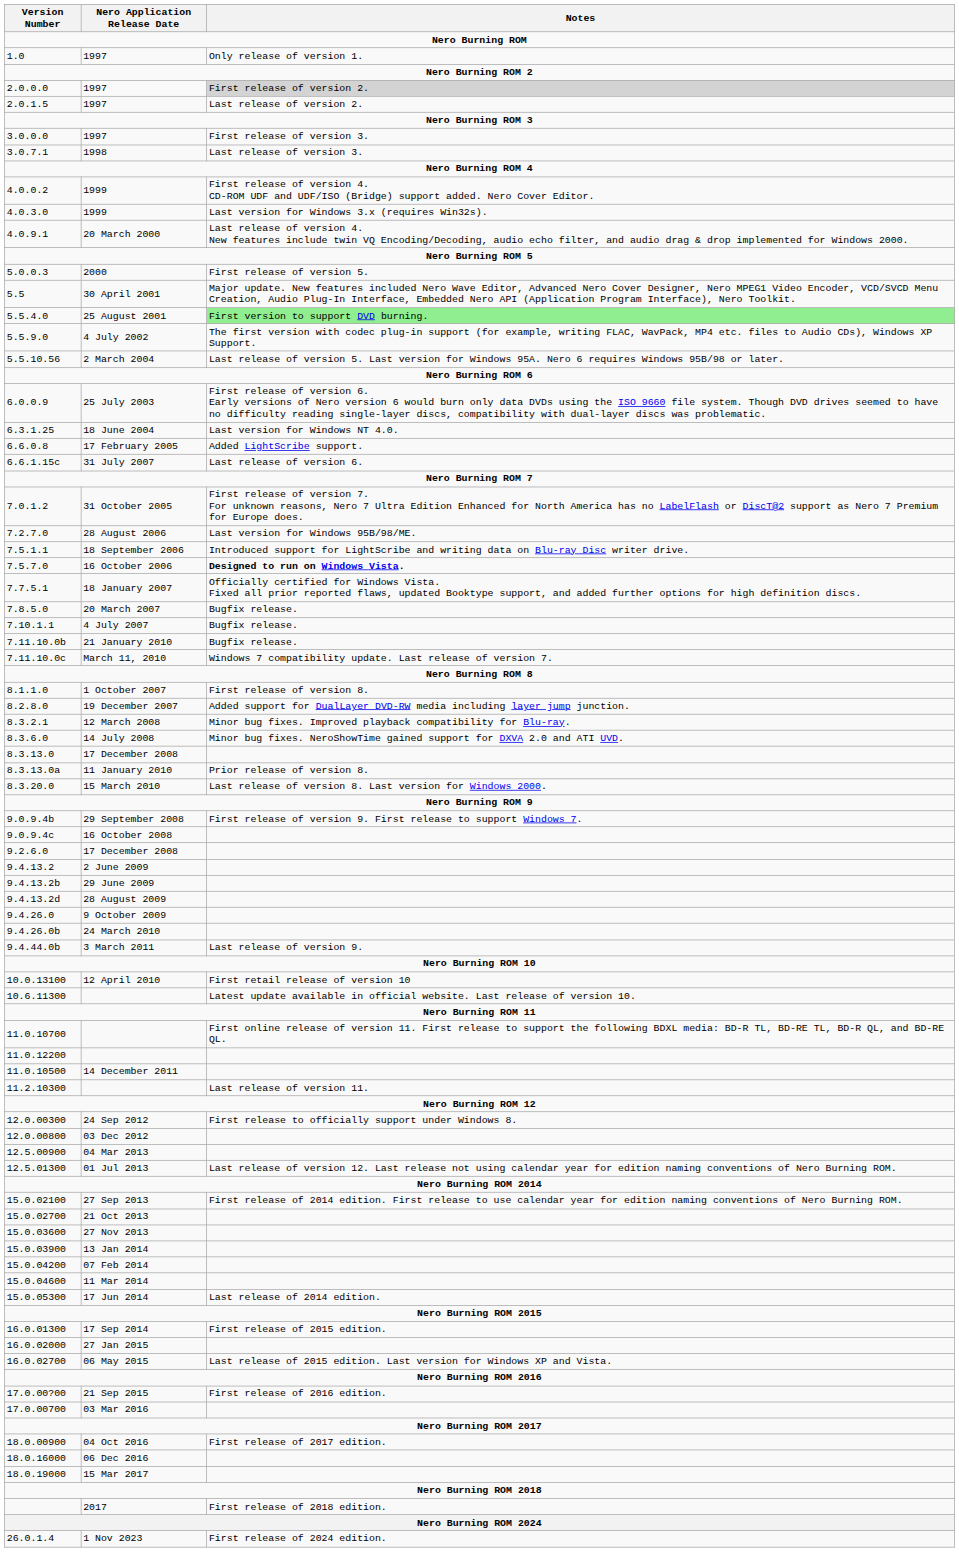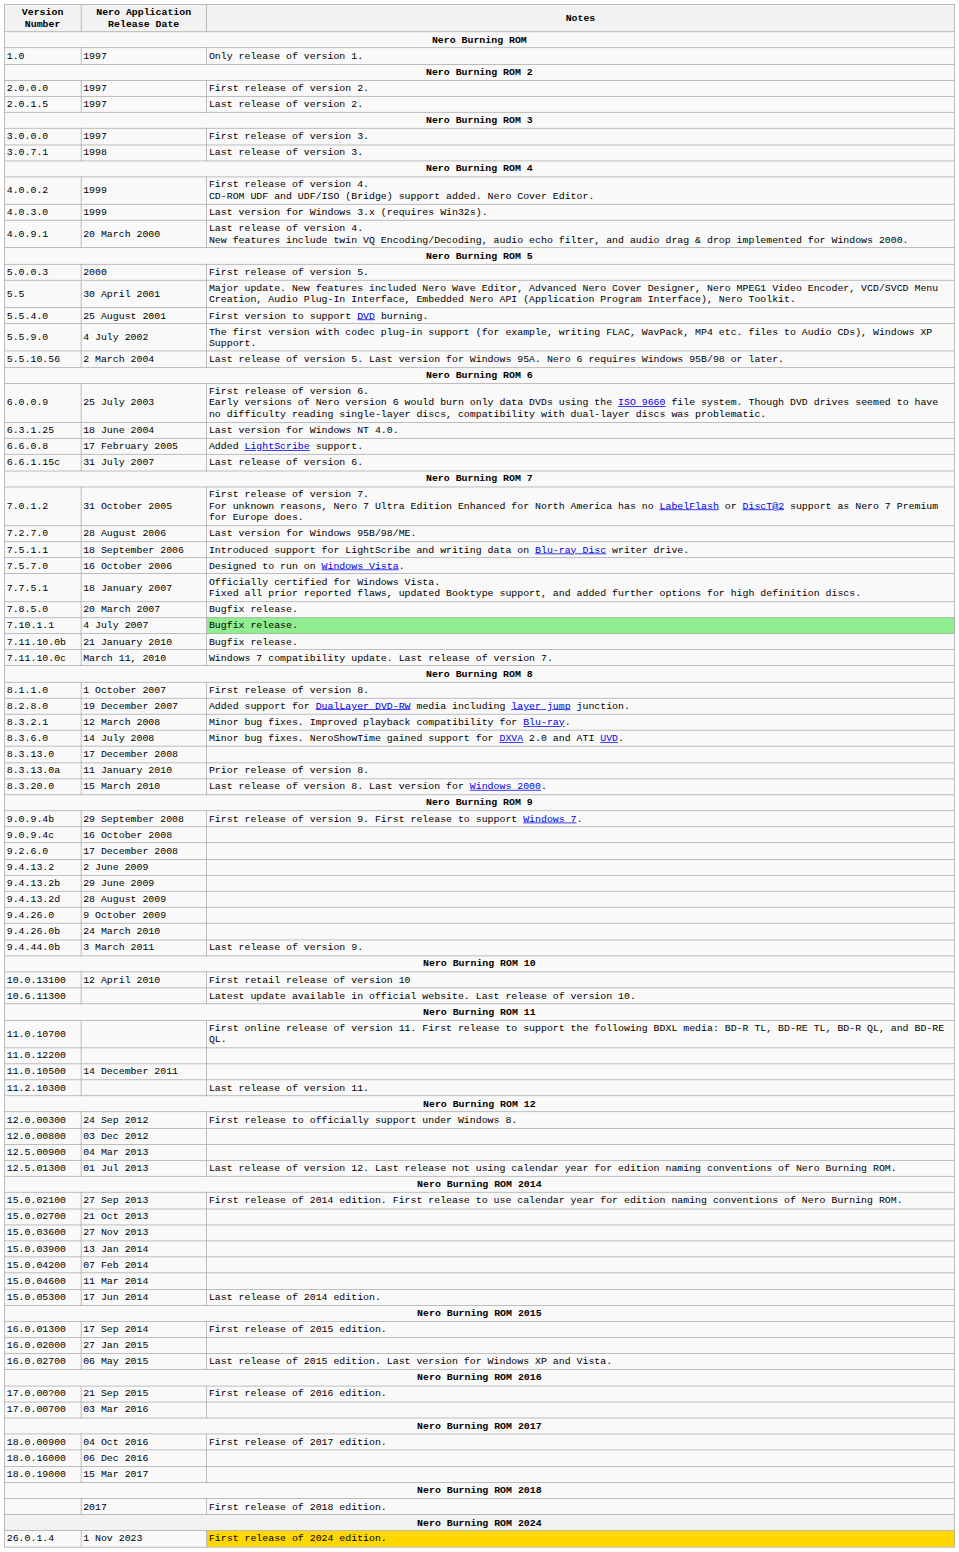 <table class="wikitable">
 <tr>
 <th>Version Number</th>
 <th>Nero Application Release Date</th>
 <th>Notes</th>
 </tr>
 <tr>
 <td colspan = 3 align="center"><strong>Nero Burning ROM</strong></td>
 </tr>
 <tr>
 <td>1.0</td>
 <td>1997</td>
 <td>Only release of version 1.</td>
 </tr>
 <tr>
 <td colspan = 3 align="center"><strong>Nero Burning ROM 2</strong></td>
 </tr>
 <tr>
 <td>2.0.0.0</td>
 <td>1997</td>
-<td style="background: lightgrey;">First release of version 2.</td>
+<td>First release of version 2.</td>
 </tr>
 <tr>
 <td>2.0.1.5</td>
 <td>1997</td>
 <td>Last release of version 2.</td>
 </tr>
 <tr>
 <td colspan = 3 align="center"><strong>Nero Burning ROM 3</strong></td>
 </tr>
 <tr>
 <td>3.0.0.0</td>
 <td>1997</td>
 <td>First release of version 3.</td>
 </tr>
 <tr>
 <td>3.0.7.1</td>
 <td>1998</td>
 <td>Last release of version 3.</td>
 </tr>
 <tr>
 <td colspan = 3 align="center"><strong>Nero Burning ROM 4</strong></td>
 </tr>
 <tr>
 <td>4.0.0.2</td>
 <td>1999</td>
 <td>First release of version 4.<br>CD-ROM UDF and UDF/ISO (Bridge) support added. Nero Cover Editor.</td>
 </tr>
 <tr>
 <td>4.0.3.0</td>
 <td>1999</td>
 <td>Last version for Windows 3.x (requires Win32s).</td>
 </tr>
 <tr>
 <td>4.0.9.1</td>
 <td>20 March 2000</td>
 <td>Last release of version 4.<br>New features include twin VQ Encoding/Decoding, audio echo filter, and audio drag & drop implemented for Windows 2000.</td>
 </tr>
 <tr>
 <td colspan = 3 align="center"><strong>Nero Burning ROM 5</strong></td>
 </tr>
 <tr>
 <td>5.0.0.3</td>
 <td>2000</td>
 <td>First release of version 5.</td>
 </tr>
 <tr>
 <td>5.5</td>
 <td>30 April 2001</td>
 <td>Major update. New features included Nero Wave Editor, Advanced Nero Cover Designer, Nero MPEG1 Video Encoder, VCD/SVCD Menu Creation, Audio Plug-In Interface, Embedded Nero API (Application Program Interface), Nero Toolkit.</td>
 </tr>
 <tr>
 <td>5.5.4.0</td>
 <td>25 August 2001</td>
-<td style="background: lightgreen;">First version to support <a href='#'>DVD</a> burning.</td>
+<td>First version to support <a href='#'>DVD</a> burning.</td>
 </tr>
 <tr>
 <td>5.5.9.0</td>
 <td>4 July 2002</td>
 <td>The first version with codec plug-in support (for example, writing FLAC, WavPack, MP4 etc. files to Audio CDs), Windows XP Support.</td>
 </tr>
 <tr>
 <td>5.5.10.56</td>
 <td>2 March 2004</td>
 <td>Last release of version 5. Last version for Windows 95A. Nero 6 requires Windows 95B/98 or later.</td>
 </tr>
 <tr>
 <td colspan=3 align="center"><strong>Nero Burning ROM 6</strong></td>
 </tr>
 <tr>
 <td>6.0.0.9</td>
 <td>25 July 2003</td>
 <td>First release of version 6.<br>Early versions of Nero version 6 would burn only data DVDs using the <a href='#'>ISO 9660</a> file system. Though DVD drives seemed to have no difficulty reading single-layer discs, compatibility with dual-layer discs was problematic.</td>
 </tr>
 <tr>
 <td>6.3.1.25</td>
 <td>18 June 2004</td>
 <td>Last version for Windows NT 4.0.</td>
 </tr>
 <tr>
 <td>6.6.0.8</td>
 <td>17 February 2005</td>
 <td>Added <a href='#'>LightScribe</a> support.</td>
 </tr>
 <tr>
 <td>6.6.1.15c</td>
 <td>31 July 2007</td>
 <td>Last release of version 6.</td>
 </tr>
 <tr>
 <td colspan=3 align="center"><strong>Nero Burning ROM 7</strong></td>
 </tr>
 <tr>
 <td>7.0.1.2</td>
 <td>31 October 2005</td>
 <td>First release of version 7.<br>For unknown reasons, Nero 7 Ultra Edition Enhanced for North America has no <a href='#'>LabelFlash</a> or <a href='#'>DiscT@2</a> support as Nero 7 Premium for Europe does.</td>
 </tr>
 <tr>
 <td>7.2.7.0</td>
 <td>28 August 2006</td>
 <td>Last version for Windows 95B/98/ME.</td>
 </tr>
 <tr>
 <td>7.5.1.1</td>
 <td>18 September 2006</td>
 <td>Introduced support for LightScribe and writing data on <a href='#'>Blu-ray Disc</a> writer drive.</td>
 </tr>
 <tr>
 <td>7.5.7.0</td>
 <td>16 October 2006</td>
-<td><strong>Designed to run on <a href='#'>Windows Vista</a>.</strong></td>
+<td>Designed to run on <a href='#'>Windows Vista</a>.</td>
 </tr>
 <tr>
 <td>7.7.5.1</td>
 <td>18 January 2007</td>
 <td>Officially certified for Windows Vista.<br>Fixed all prior reported flaws, updated Booktype support, and added further options for high definition discs.</td>
 </tr>
 <tr>
 <td>7.8.5.0</td>
 <td>20 March 2007</td>
 <td>Bugfix release.</td>
 </tr>
 <tr>
 <td>7.10.1.1</td>
 <td>4 July 2007</td>
-<td>Bugfix release.</td>
+<td style="background: lightgreen;">Bugfix release.</td>
 </tr>
 <tr>
 <td>7.11.10.0b</td>
 <td>21 January 2010</td>
 <td>Bugfix release.</td>
 </tr>
 <tr>
 <td>7.11.10.0c</td>
 <td>March 11, 2010</td>
 <td>Windows 7 compatibility update. Last release of version 7.</td>
 </tr>
 <tr>
 <td colspan=3 align="center"><strong>Nero Burning ROM 8</strong></td>
 </tr>
 <tr>
 <td>8.1.1.0</td>
 <td>1 October 2007</td>
 <td>First release of version 8.</td>
 </tr>
 <tr>
 <td>8.2.8.0</td>
 <td>19 December 2007</td>
 <td>Added support for <a href='#'>DualLayer DVD-RW</a> media including <a href='#'>layer jump</a> junction.</td>
 </tr>
 <tr>
 <td>8.3.2.1</td>
 <td>12 March 2008</td>
 <td>Minor bug fixes. Improved playback compatibility for <a href='#'>Blu-ray</a>.</td>
 </tr>
 <tr>
 <td>8.3.6.0</td>
 <td>14 July 2008</td>
 <td>Minor bug fixes. NeroShowTime gained support for <a href='#'>DXVA</a> 2.0 and ATI <a href='#'>UVD</a>.</td>
 </tr>
 <tr>
 <td>8.3.13.0</td>
 <td>17 December 2008</td>
 <td></td>
 </tr>
 <tr>
 <td>8.3.13.0a</td>
 <td>11 January 2010</td>
 <td>Prior release of version 8.</td>
 </tr>
 <tr>
 <td>8.3.20.0</td>
 <td>15 March 2010</td>
 <td>Last release of version 8. Last version for <a href='#'>Windows 2000</a>.</td>
 </tr>
 <tr>
 <td colspan=3 align="center"><strong>Nero Burning ROM 9</strong></td>
 </tr>
 <tr>
 <td>9.0.9.4b</td>
 <td>29 September 2008</td>
 <td>First release of version 9. First release to support <a href='#'>Windows 7</a>.</td>
 </tr>
 <tr>
 <td>9.0.9.4c</td>
 <td>16 October 2008</td>
 <td></td>
 </tr>
 <tr>
 <td>9.2.6.0</td>
 <td>17 December 2008</td>
 <td></td>
 </tr>
 <tr>
 <td>9.4.13.2</td>
 <td>2 June 2009</td>
 <td></td>
 </tr>
 <tr>
 <td>9.4.13.2b</td>
 <td>29 June 2009</td>
 <td></td>
 </tr>
 <tr>
 <td>9.4.13.2d</td>
 <td>28 August 2009</td>
 <td></td>
 </tr>
 <tr>
 <td>9.4.26.0</td>
 <td>9 October 2009</td>
 <td></td>
 </tr>
 <tr>
 <td>9.4.26.0b</td>
 <td>24 March 2010</td>
 <td></td>
 </tr>
 <tr>
 <td>9.4.44.0b</td>
 <td>3 March 2011</td>
 <td>Last release of version 9.</td>
 </tr>
 <tr>
 <td colspan=3 align="center"><strong>Nero Burning ROM 10</strong></td>
 </tr>
 <tr>
 <td>10.0.13100</td>
 <td>12 April 2010</td>
 <td>First retail release of version 10</td>
 </tr>
 <tr>
 <td>10.6.11300</td>
 <td></td>
 <td>Latest update available in official website. Last release of version 10.</td>
 </tr>
 <tr>
 <td colspan=3 align="center"><strong>Nero Burning ROM 11</strong></td>
 </tr>
 <tr>
 <td>11.0.10700</td>
 <td></td>
 <td>First online release of version 11. First release to support the following BDXL media: BD-R TL, BD-RE TL, BD-R QL, and BD-RE QL.</td>
 </tr>
 <tr>
 <td>11.0.12200</td>
 <td></td>
 <td></td>
 </tr>
 <tr>
 <td>11.0.10500</td>
 <td>14 December 2011</td>
 <td></td>
 </tr>
 <tr>
 <td>11.2.10300</td>
 <td></td>
 <td>Last release of version 11.</td>
 </tr>
 <tr>
 <td colspan=3 align="center"><strong>Nero Burning ROM 12</strong></td>
 </tr>
 <tr>
 <td>12.0.00300</td>
 <td>24 Sep 2012</td>
 <td>First release to officially support under Windows 8.</td>
 </tr>
 <tr>
 <td>12.0.00800</td>
 <td>03 Dec 2012</td>
 <td></td>
 </tr>
 <tr>
 <td>12.5.00900</td>
 <td>04 Mar 2013</td>
 <td></td>
 </tr>
 <tr>
 <td>12.5.01300</td>
 <td>01 Jul 2013</td>
 <td>Last release of version 12. Last release not using calendar year for edition naming conventions of Nero Burning ROM.</td>
 </tr>
 <tr>
 <td colspan=3 align="center"><strong>Nero Burning ROM 2014</strong></td>
 </tr>
 <tr>
 <td>15.0.02100</td>
 <td>27 Sep 2013</td>
 <td>First release of 2014 edition. First release to use calendar year for edition naming conventions of Nero Burning ROM.</td>
 </tr>
 <tr>
 <td>15.0.02700</td>
 <td>21 Oct 2013</td>
 <td></td>
 </tr>
 <tr>
 <td>15.0.03600</td>
 <td>27 Nov 2013</td>
 <td></td>
 </tr>
 <tr>
 <td>15.0.03900</td>
 <td>13 Jan 2014</td>
 <td></td>
 </tr>
 <tr>
 <td>15.0.04200</td>
 <td>07 Feb 2014</td>
 <td></td>
 </tr>
 <tr>
 <td>15.0.04600</td>
 <td>11 Mar 2014</td>
 <td></td>
 </tr>
 <tr>
 <td>15.0.05300</td>
 <td>17 Jun 2014</td>
 <td>Last release of 2014 edition.</td>
 </tr>
 <tr>
 <td colspan=3 align="center"><strong>Nero Burning ROM 2015</strong></td>
 </tr>
 <tr>
 <td>16.0.01300</td>
 <td>17 Sep 2014</td>
 <td>First release of 2015 edition.</td>
 </tr>
 <tr>
 <td>16.0.02000</td>
 <td>27 Jan 2015</td>
 <td></td>
 </tr>
 <tr>
 <td>16.0.02700</td>
 <td>06 May 2015</td>
 <td>Last release of 2015 edition. Last version for Windows XP and Vista.</td>
 </tr>
 <tr>
 <td colspan=3 align="center"><strong>Nero Burning ROM 2016</strong></td>
 </tr>
 <tr>
 <td>17.0.00?00</td>
 <td>21 Sep 2015</td>
 <td>First release of 2016 edition.</td>
 </tr>
 <tr>
 <td>17.0.00700</td>
 <td>03 Mar 2016</td>
 <td></td>
 </tr>
 <tr>
 <td colspan=3 align="center"><strong>Nero Burning ROM 2017</strong></td>
 </tr>
 <tr>
 <td>18.0.00900</td>
 <td>04 Oct 2016</td>
 <td>First release of 2017 edition.</td>
 </tr>
 <tr>
 <td>18.0.16000</td>
 <td>06 Dec 2016</td>
 <td></td>
 </tr>
 <tr>
 <td>18.0.19000</td>
 <td>15 Mar 2017</td>
 <td></td>
 </tr>
 <tr>
 <td colspan=3 align="center"><strong>Nero Burning ROM 2018</strong></td>
 </tr>
 <tr>
 <td></td>
 <td>2017</td>
 <td>First release of 2018 edition.</td>
 </tr>
 <tr>
 <th colspan="3"><strong>Nero Burning ROM 2024</strong></th>
 </tr>
 <tr>
 <td>26.0.1.4</td>
 <td>1 Nov 2023</td>
-<td>First release of 2024 edition.</td>
+<td style="background: gold;">First release of 2024 edition.</td>
 </tr>
 </table>
